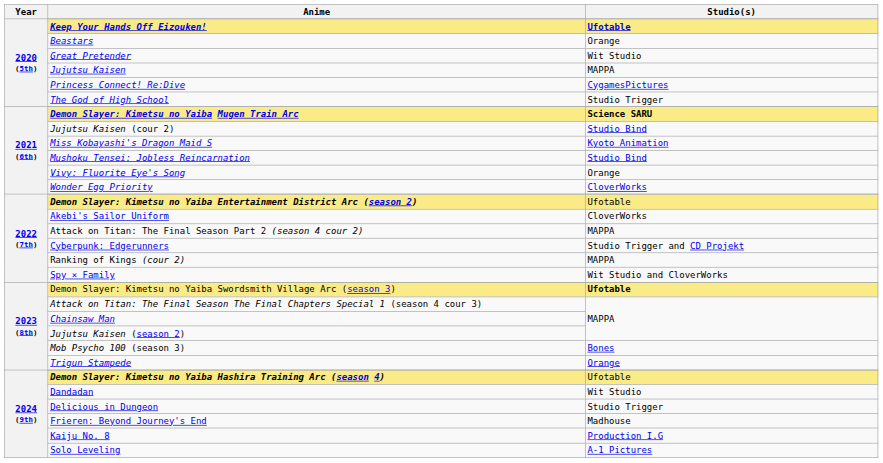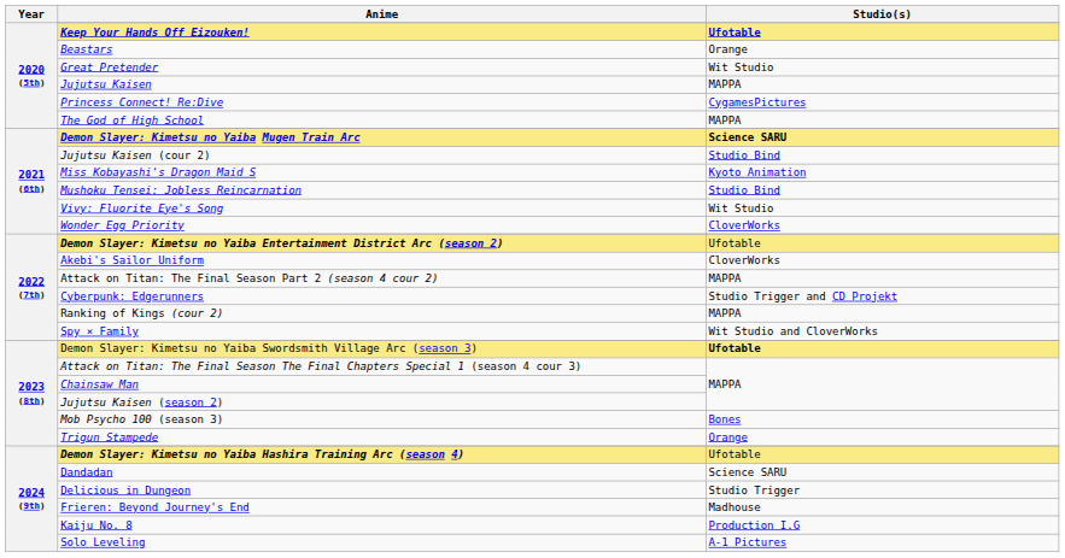 <table class="wikitable" style="width:80%;">
 <tr>
 <th style="width:5%;">Year</th>
 <th style="width:61.5%;">Anime</th>
 <th style="width:33.5%;">Studio(s)</th>
 </tr>
 <tr>
 <th rowspan="7" style="text-align:center;"><a href='#'>2020</a><br><small>(<a href='#'>5th</a>)</small> </th>
 </tr>
 <tr style="background:#FAEB86">
 <td><em><a href='#'><strong>Keep Your Hands Off Eizouken!</strong></a></em></td>
 <td><strong><a href='#'>Ufotable</a></strong></td>
 </tr>
 <tr>
 <td><em><a href='#'>Beastars</a></em></td>
 <td>Orange</td>
 </tr>
 <tr>
 <td><em><a href='#'>Great Pretender</a></em></td>
 <td>Wit Studio</td>
 </tr>
 <tr>
 <td><em><a href='#'>Jujutsu Kaisen</a></em></td>
 <td>MAPPA</td>
 </tr>
 <tr>
 <td><em><a href='#'>Princess Connect! Re:Dive</a></em></td>
 <td><a href='#'>CygamesPictures</a></td>
 </tr>
 <tr>
 <td><em><a href='#'>The God of High School</a></em></td>
-<td>Studio Trigger</td>
+<td>MAPPA</td>
 </tr>
 <tr>
 <th rowspan="7" style="text-align:center;"><a href='#'>2021</a><br><small>(<a href='#'>6th</a>)</small> </th>
 </tr>
 <tr style="background:#FAEB86">
 <td><strong><em><a href='#'>Demon Slayer: Kimetsu no Yaiba</a> <a href='#'>Mugen Train Arc</a></em></strong></td>
 <td><strong>Science SARU</strong></td>
 </tr>
 <tr>
 <td><em>Jujutsu Kaisen</em> (cour 2)</td>
 <td><a href='#'>Studio Bind</a></td>
 </tr>
 <tr>
 <td><em><a href='#'>Miss Kobayashi's Dragon Maid S</a></em></td>
 <td><a href='#'>Kyoto Animation</a></td>
 </tr>
 <tr>
 <td><em><a href='#'>Mushoku Tensei: Jobless Reincarnation</a></em></td>
 <td><a href='#'>Studio Bind</a></td>
 </tr>
 <tr>
 <td><em><a href='#'>Vivy: Fluorite Eye's Song</a></em></td>
-<td>Orange</td>
+<td>Wit Studio</td>
 </tr>
 <tr>
 <td><em><a href='#'>Wonder Egg Priority</a></em></td>
 <td><a href='#'>CloverWorks</a></td>
 </tr>
 <tr>
 <th rowspan="7" style="text-align:center;"><a href='#'>2022</a><br><small>(<a href='#'>7th</a>)</small> </th>
 </tr>
 <tr style="background:#FAEB86">
 <td><strong><em>Demon Slayer: Kimetsu no Yaiba Entertainment District Arc<em> (<a href='#'>season 2</a>)<strong></td>
 <td></strong>Ufotable<strong></td>
 </tr>
 <tr>
 <td></em><a href='#'>Akebi's Sailor Uniform</a><em></td>
 <td>CloverWorks</td>
 </tr>
 <tr>
 <td></em>Attack on Titan: The Final Season Part 2<em> (season 4 cour 2)</td>
 <td>MAPPA</td>
 </tr>
 <tr>
 <td></em><a href='#'>Cyberpunk: Edgerunners</a><em></td>
 <td>Studio Trigger and <a href='#'>CD Projekt</a></td>
 </tr>
 <tr>
 <td></em>Ranking of Kings<em> (cour 2)</td>
 <td>MAPPA</td>
 </tr>
 <tr>
 <td></em><a href='#'>Spy × Family</a><em></td>
 <td>Wit Studio and CloverWorks</td>
 </tr>
 <tr>
 <th rowspan="7" style="text-align:center;"><a href='#'>2023</a><br><small>(<a href='#'>8th</a>)</small> </th>
 </tr>
 <tr style="background:#FAEB86">
 <td></em></strong>Demon Slayer: Kimetsu no Yaiba Swordsmith Village Arc</em> (<a href='#'>season 3</a>)</strong></td>
 <td><strong>Ufotable</strong></td>
 </tr>
 <tr>
 <td><em>Attack on Titan: The Final Season The Final Chapters Special 1</em> (season 4 cour 3)</td>
 <td rowspan="3">MAPPA</td>
 </tr>
 <tr>
 <td><em><a href='#'>Chainsaw Man</a></em></td>
 </tr>
 <tr>
 <td><em>Jujutsu Kaisen</em> (<a href='#'>season 2</a>)</td>
 </tr>
 <tr>
 <td><em>Mob Psycho 100</em> (season 3)</td>
 <td><a href='#'>Bones</a></td>
 </tr>
 <tr>
 <td><em><a href='#'>Trigun Stampede</a></em></td>
 <td><a href='#'>Orange</a></td>
 </tr>
 <tr>
 <th rowspan="7" style="text-align:center;"><a href='#'>2024</a><br><small>(<a href='#'>9th</a>)</small> </th>
 </tr>
 <tr style="background:#FAEB86;">
 <td><strong><em>Demon Slayer: Kimetsu no Yaiba Hashira Training Arc<em> (<a href='#'>season</a><strong> </strong><a href='#'>4</a>)<strong></td>
 <td></strong>Ufotable<strong></td>
 </tr>
 <tr>
 <td></em><a href='#'>Dandadan</a><em></td>
-<td>Wit Studio</td>
+<td>Science SARU</td>
 </tr>
 <tr>
 <td></em><a href='#'>Delicious in Dungeon</a><em></td>
 <td>Studio Trigger</td>
 </tr>
 <tr>
 <td></em><a href='#'>Frieren: Beyond Journey's End</a><em></td>
 <td>Madhouse</td>
 </tr>
 <tr>
 <td></em><a href='#'>Kaiju No. 8</a><em></td>
 <td><a href='#'>Production I.G</a></td>
 </tr>
 <tr>
 <td></em><a href='#'>Solo Leveling</a><em></td>
 <td><a href='#'>A-1 Pictures</a></td>
 </tr>
 </table>
